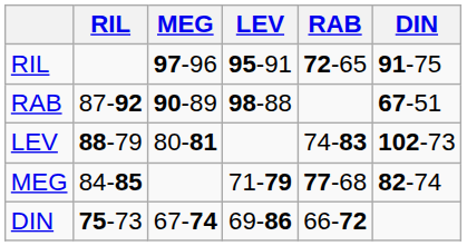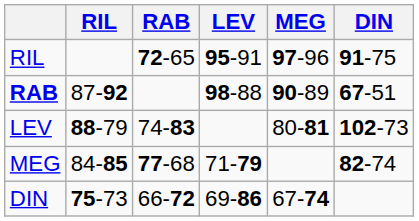 <table class="wikitable">
 <tr>
 <th></th>
 <th> <a href='#'>RIL</a></th>
+<th> <a href='#'>RAB</a></th>
+<th> <a href='#'>LEV</a></th>
 <th> <a href='#'>MEG</a></th>
-<th> <a href='#'>LEV</a></th>
-<th> <a href='#'>RAB</a></th>
 <th> <a href='#'>DIN</a></th>
 </tr>
 <tr>
 <td> <a href='#'>RIL</a></td>
 <td></td>
+<td><strong>72</strong>-65</td>
+<td><strong>95</strong>-91</td>
 <td><strong>97</strong>-96</td>
-<td><strong>95</strong>-91</td>
-<td><strong>72</strong>-65</td>
 <td><strong>91</strong>-75</td>
 </tr>
 <tr>
-<td> <a href='#'>RAB</a></td>
+<td><strong> <a href='#'>RAB</a></strong></td>
 <td>87-<strong>92</strong></td>
+<td></td>
+<td><strong>98</strong>-88</td>
 <td><strong>90</strong>-89</td>
-<td><strong>98</strong>-88</td>
-<td></td>
 <td><strong>67</strong>-51</td>
 </tr>
 <tr>
 <td> <a href='#'>LEV</a></td>
 <td><strong>88</strong>-79</td>
+<td>74-<strong>83</strong></td>
+<td></td>
 <td>80-<strong>81</strong></td>
-<td></td>
-<td>74-<strong>83</strong></td>
 <td><strong>102</strong>-73</td>
 </tr>
 <tr>
 <td> <a href='#'>MEG</a></td>
 <td>84-<strong>85</strong></td>
+<td><strong>77</strong>-68</td>
+<td>71-<strong>79</strong></td>
 <td></td>
-<td>71-<strong>79</strong></td>
-<td><strong>77</strong>-68</td>
 <td><strong>82</strong>-74</td>
 </tr>
 <tr>
 <td> <a href='#'>DIN</a></td>
 <td><strong>75</strong>-73</td>
+<td>66-<strong>72</strong></td>
+<td>69-<strong>86</strong></td>
 <td>67-<strong>74</strong></td>
-<td>69-<strong>86</strong></td>
-<td>66-<strong>72</strong></td>
 <td></td>
 </tr>
 </table>
